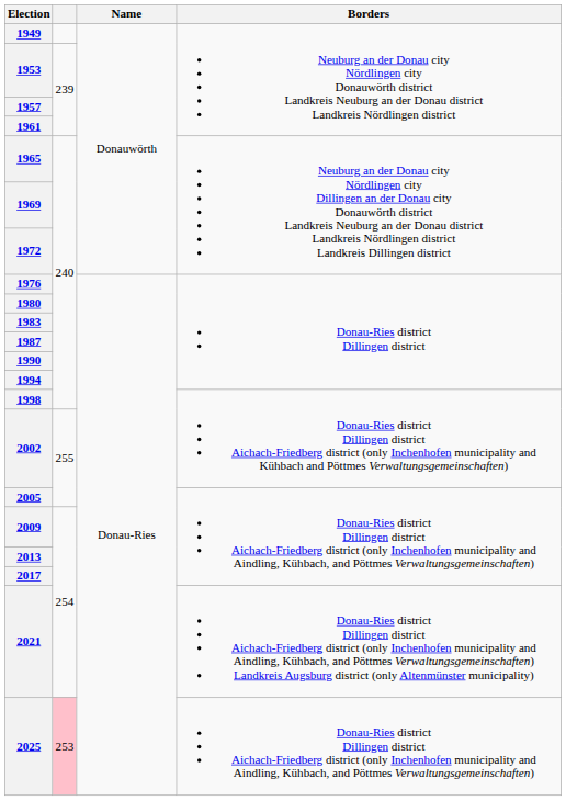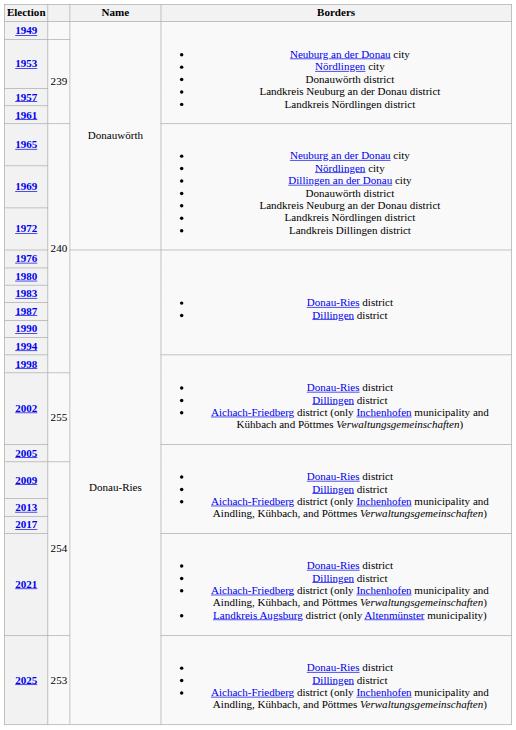 <table class=wikitable style="text-align:center">
 <tr>
 <th>Election</th>
 <th></th>
 <th width=125px>Name</th>
 <th width=500px>Borders</th>
 </tr>
 <tr>
 <th><a href='#'>1949</a></th>
 <td></td>
 <td rowspan=7>Donauwörth</td>
 <td rowspan=4><br><ul><li><a href='#'>Neuburg an der Donau</a> city</li><li><a href='#'>Nördlingen</a> city</li><li>Donauwörth district</li><li>Landkreis Neuburg an der Donau district</li><li>Landkreis Nördlingen district</li></ul></td>
 </tr>
 <tr>
 <th><a href='#'>1953</a></th>
 <td rowspan=3>239</td>
 </tr>
 <tr>
 <th><a href='#'>1957</a></th>
 </tr>
 <tr>
 <th><a href='#'>1961</a></th>
 </tr>
 <tr>
 <th><a href='#'>1965</a></th>
 <td rowspan=10>240</td>
 <td rowspan=3><br><ul><li><a href='#'>Neuburg an der Donau</a> city</li><li><a href='#'>Nördlingen</a> city</li><li><a href='#'>Dillingen an der Donau</a> city</li><li>Donauwörth district</li><li>Landkreis Neuburg an der Donau district</li><li>Landkreis Nördlingen district</li><li>Landkreis Dillingen district</li></ul></td>
 </tr>
 <tr>
 <th><a href='#'>1969</a></th>
 </tr>
 <tr>
 <th><a href='#'>1972</a></th>
 </tr>
 <tr>
 <th><a href='#'>1976</a></th>
 <td rowspan=14>Donau-Ries</td>
 <td rowspan=6><br><ul><li><a href='#'>Donau-Ries</a> district</li><li><a href='#'>Dillingen</a> district</li></ul></td>
 </tr>
 <tr>
 <th><a href='#'>1980</a></th>
 </tr>
 <tr>
 <th><a href='#'>1983</a></th>
 </tr>
 <tr>
 <th><a href='#'>1987</a></th>
 </tr>
 <tr>
 <th><a href='#'>1990</a></th>
 </tr>
 <tr>
 <th><a href='#'>1994</a></th>
 </tr>
 <tr>
 <th><a href='#'>1998</a></th>
 <td rowspan=2><br><ul><li><a href='#'>Donau-Ries</a> district</li><li><a href='#'>Dillingen</a> district</li><li><a href='#'>Aichach-Friedberg</a> district (only <a href='#'>Inchenhofen</a> municipality and Kühbach and Pöttmes <em>Verwaltungsgemeinschaften</em>)</li></ul></td>
 </tr>
 <tr>
 <th><a href='#'>2002</a></th>
 <td rowspan=2>255</td>
 </tr>
 <tr>
 <th><a href='#'>2005</a></th>
 <td rowspan=4><br><ul><li><a href='#'>Donau-Ries</a> district</li><li><a href='#'>Dillingen</a> district</li><li><a href='#'>Aichach-Friedberg</a> district (only <a href='#'>Inchenhofen</a> municipality and Aindling, Kühbach, and Pöttmes <em>Verwaltungsgemeinschaften</em>)</li></ul></td>
 </tr>
 <tr>
 <th><a href='#'>2009</a></th>
 <td rowspan=4>254</td>
 </tr>
 <tr>
 <th><a href='#'>2013</a></th>
 </tr>
 <tr>
 <th><a href='#'>2017</a></th>
 </tr>
 <tr>
 <th><a href='#'>2021</a></th>
 <td><br><ul><li><a href='#'>Donau-Ries</a> district</li><li><a href='#'>Dillingen</a> district</li><li><a href='#'>Aichach-Friedberg</a> district (only <a href='#'>Inchenhofen</a> municipality and Aindling, Kühbach, and Pöttmes <em>Verwaltungsgemeinschaften</em>)</li><li><a href='#'>Landkreis Augsburg</a> district (only <a href='#'>Altenmünster</a> municipality)</li></ul></td>
 </tr>
 <tr>
 <th><a href='#'>2025</a></th>
-<td style="background: pink;">253</td>
+<td>253</td>
 <td><br><ul><li><a href='#'>Donau-Ries</a> district</li><li><a href='#'>Dillingen</a> district</li><li><a href='#'>Aichach-Friedberg</a> district (only <a href='#'>Inchenhofen</a> municipality and Aindling, Kühbach, and Pöttmes <em>Verwaltungsgemeinschaften</em>)</li></ul></td>
 </tr>
 </table>
